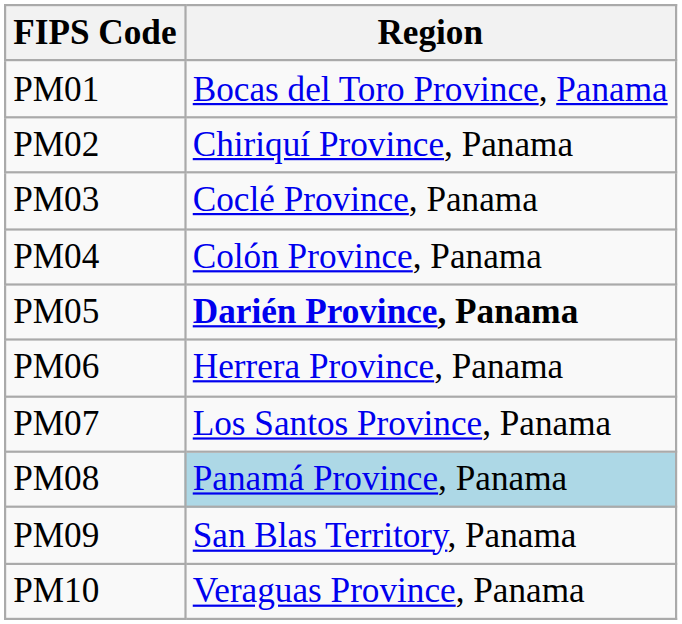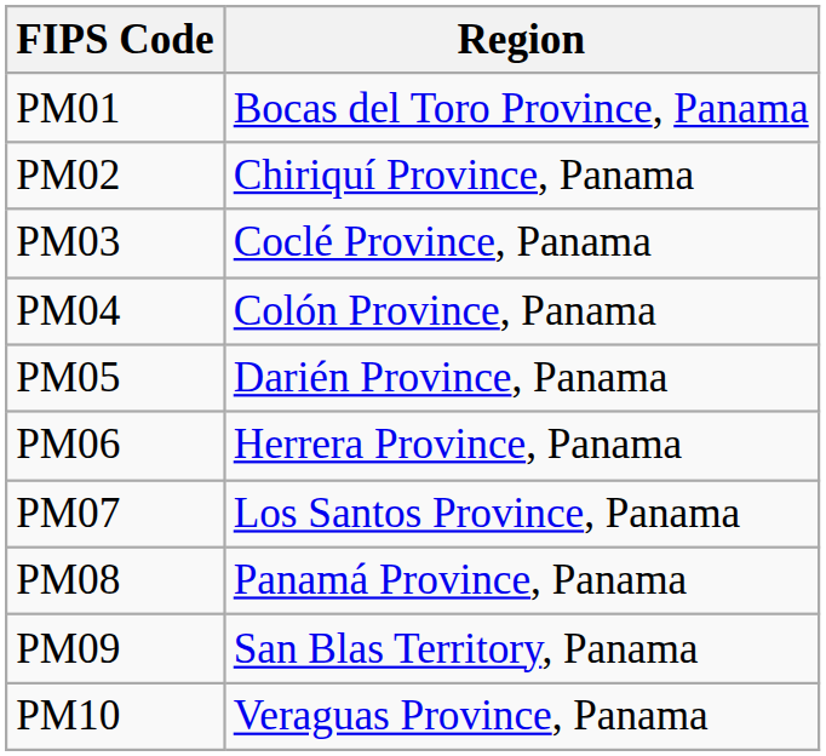 <table class="wikitable">
 <tr>
 <th>FIPS Code</th>
 <th>Region</th>
 </tr>
 <tr>
 <td>PM01</td>
 <td><a href='#'>Bocas del Toro Province</a>, <a href='#'>Panama</a></td>
 </tr>
 <tr>
 <td>PM02</td>
 <td><a href='#'>Chiriquí Province</a>, Panama</td>
 </tr>
 <tr>
 <td>PM03</td>
 <td><a href='#'>Coclé Province</a>, Panama</td>
 </tr>
 <tr>
 <td>PM04</td>
 <td><a href='#'>Colón Province</a>, Panama</td>
 </tr>
 <tr>
 <td>PM05</td>
-<td><strong><a href='#'>Darién Province</a>, Panama</strong></td>
+<td><a href='#'>Darién Province</a>, Panama</td>
 </tr>
 <tr>
 <td>PM06</td>
 <td><a href='#'>Herrera Province</a>, Panama</td>
 </tr>
 <tr>
 <td>PM07</td>
 <td><a href='#'>Los Santos Province</a>, Panama</td>
 </tr>
 <tr>
 <td>PM08</td>
-<td style="background: lightblue;"><a href='#'>Panamá Province</a>, Panama</td>
+<td><a href='#'>Panamá Province</a>, Panama</td>
 </tr>
 <tr>
 <td>PM09</td>
 <td><a href='#'>San Blas Territory</a>, Panama</td>
 </tr>
 <tr>
 <td>PM10</td>
 <td><a href='#'>Veraguas Province</a>, Panama</td>
 </tr>
 </table>
